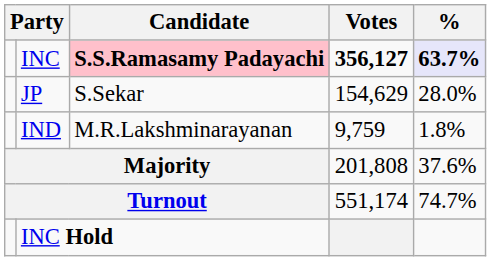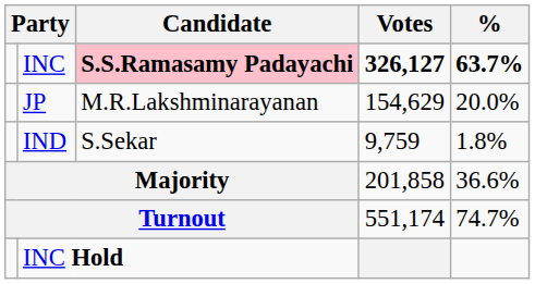 <table class="wikitable">
 <tr>
 <th colspan="2">Party</th>
 <th>Candidate</th>
 <th>Votes</th>
 <th>%</th>
 </tr>
 <tr>
 <td></td>
 <td><a href='#'>INC</a></td>
 <td style="background: pink;"><strong>S.S.Ramasamy Padayachi</strong></td>
-<td><strong>356,127</strong></td>
-<td style="background: lavender;"><strong>63.7%</strong></td>
+<td><strong>326,127</strong></td>
+<td><strong>63.7%</strong></td>
 </tr>
 <tr>
 <td></td>
 <td><a href='#'>JP</a></td>
-<td>S.Sekar</td>
+<td>M.R.Lakshminarayanan</td>
 <td>154,629</td>
-<td>28.0%</td>
+<td>20.0%</td>
 </tr>
 <tr>
 <td></td>
 <td><a href='#'>IND</a></td>
-<td>M.R.Lakshminarayanan</td>
+<td>S.Sekar</td>
 <td>9,759</td>
 <td>1.8%</td>
 </tr>
 <tr>
 <th colspan="3">Majority</th>
-<td>201,808</td>
-<td>37.6%</td>
+<td>201,858</td>
+<td>36.6%</td>
 </tr>
 <tr>
 <th colspan="3"><a href='#'>Turnout</a></th>
 <td>551,174</td>
 <td>74.7%</td>
 </tr>
 <tr>
 <td></td>
 <td colspan="2"><a href='#'>INC</a> <strong>Hold</strong></td>
 <th></th>
 <td></td>
 </tr>
 </table>
